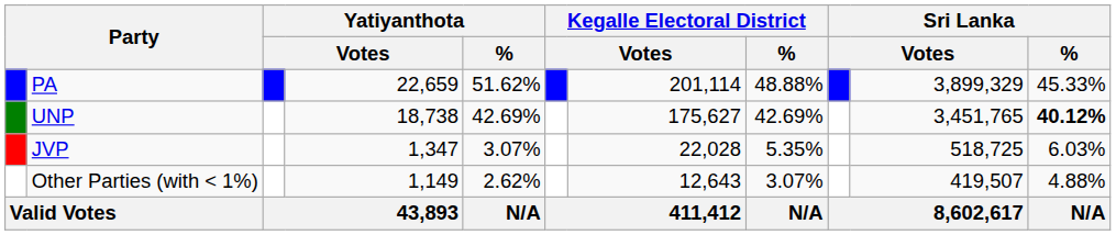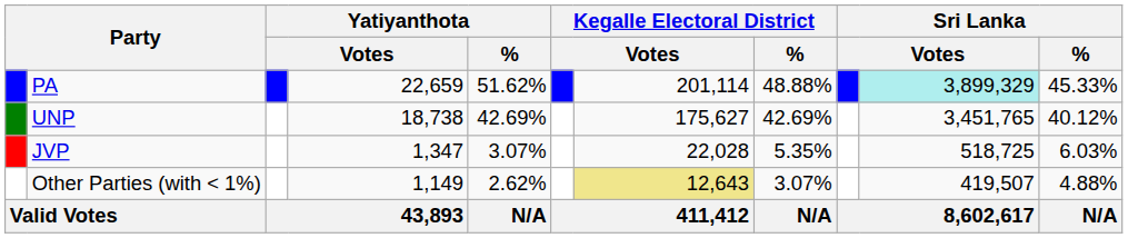 <table class="wikitable">
 <tr>
 <th colspan="2" width="144px"rowspan="2">Party</th>
 <th colspan="3" width="216px">Yatiyanthota</th>
 <th colspan="3" width="216px"><a href='#'>Kegalle Electoral District</a></th>
 <th colspan="3" width="216px">Sri Lanka</th>
 </tr>
 <tr>
 <th colspan="2" width="144px">Votes</th>
 <th>%</th>
 <th colspan="2" width="144px">Votes</th>
 <th>%</th>
 <th colspan="2" width="144px">Votes</th>
 <th>%</th>
 </tr>
 <tr>
 <td style="background-color:blue;" width="10px"></td>
 <td style="text-align:left;"><a href='#'>PA</a></td>
 <td style="background-color:blue;" width="10px"></td>
 <td style="text-align:right;">22,659</td>
 <td style="text-align:right;">51.62%</td>
 <td style="background-color:blue;" width="10px"></td>
 <td style="text-align:right;">201,114</td>
 <td style="text-align:right;">48.88%</td>
 <td style="background-color:blue;" width="10px"></td>
-<td style="text-align:right;">3,899,329</td>
+<td style="background: paleturquoise; text-align:right;">3,899,329</td>
 <td style="text-align:right;">45.33%</td>
 </tr>
 <tr>
 <td style="background-color:green;" width="10px"></td>
 <td style="text-align:left;"><a href='#'>UNP</a></td>
 <td style="background-color:white;" width="10px"></td>
 <td style="text-align:right;">18,738</td>
 <td style="text-align:right;">42.69%</td>
 <td style="background-color:white;" width="10px"></td>
 <td style="text-align:right;">175,627</td>
 <td style="text-align:right;">42.69%</td>
 <td style="background-color:white;" width="10px"></td>
 <td style="text-align:right;">3,451,765</td>
-<td style="text-align:right;"><strong>40.12%</strong></td>
+<td style="text-align:right;">40.12%</td>
 </tr>
 <tr>
 <td style="background-color:red;" width="10px"></td>
 <td style="text-align:left;"><a href='#'>JVP</a></td>
 <td style="background-color:white;" width="10px"></td>
 <td style="text-align:right;">1,347</td>
 <td style="text-align:right;">3.07%</td>
 <td style="background-color:white;" width="10px"></td>
 <td style="text-align:right;">22,028</td>
 <td style="text-align:right;">5.35%</td>
 <td style="background-color:white;" width="10px"></td>
 <td style="text-align:right;">518,725</td>
 <td style="text-align:right;">6.03%</td>
 </tr>
 <tr>
 <td style="background-color:white;" width="10px"></td>
 <td style="text-align:left;">Other Parties (with < 1%)</td>
 <td style="background-color:white;" width="10px"></td>
 <td style="text-align:right;">1,149</td>
 <td style="text-align:right;">2.62%</td>
 <td style="background-color:white;" width="10px"></td>
-<td style="text-align:right;">12,643</td>
+<td style="background: khaki; text-align:right;">12,643</td>
 <td style="text-align:right;">3.07%</td>
 <td style="background-color:white;" width="10px"></td>
 <td style="text-align:right;">419,507</td>
 <td style="text-align:right;">4.88%</td>
 </tr>
 <tr>
 <th colspan="2" width="144px"style="text-align:left;">Valid Votes</th>
 <th style="text-align:right;"colspan="2" width="144px">43,893</th>
 <th style="text-align:right;">N/A</th>
 <th style="text-align:right;"colspan="2" width="144px">411,412</th>
 <th style="text-align:right;">N/A</th>
 <th style="text-align:right;"colspan="2" width="144px">8,602,617</th>
 <th style="text-align:right;">N/A</th>
 </tr>
 </table>
